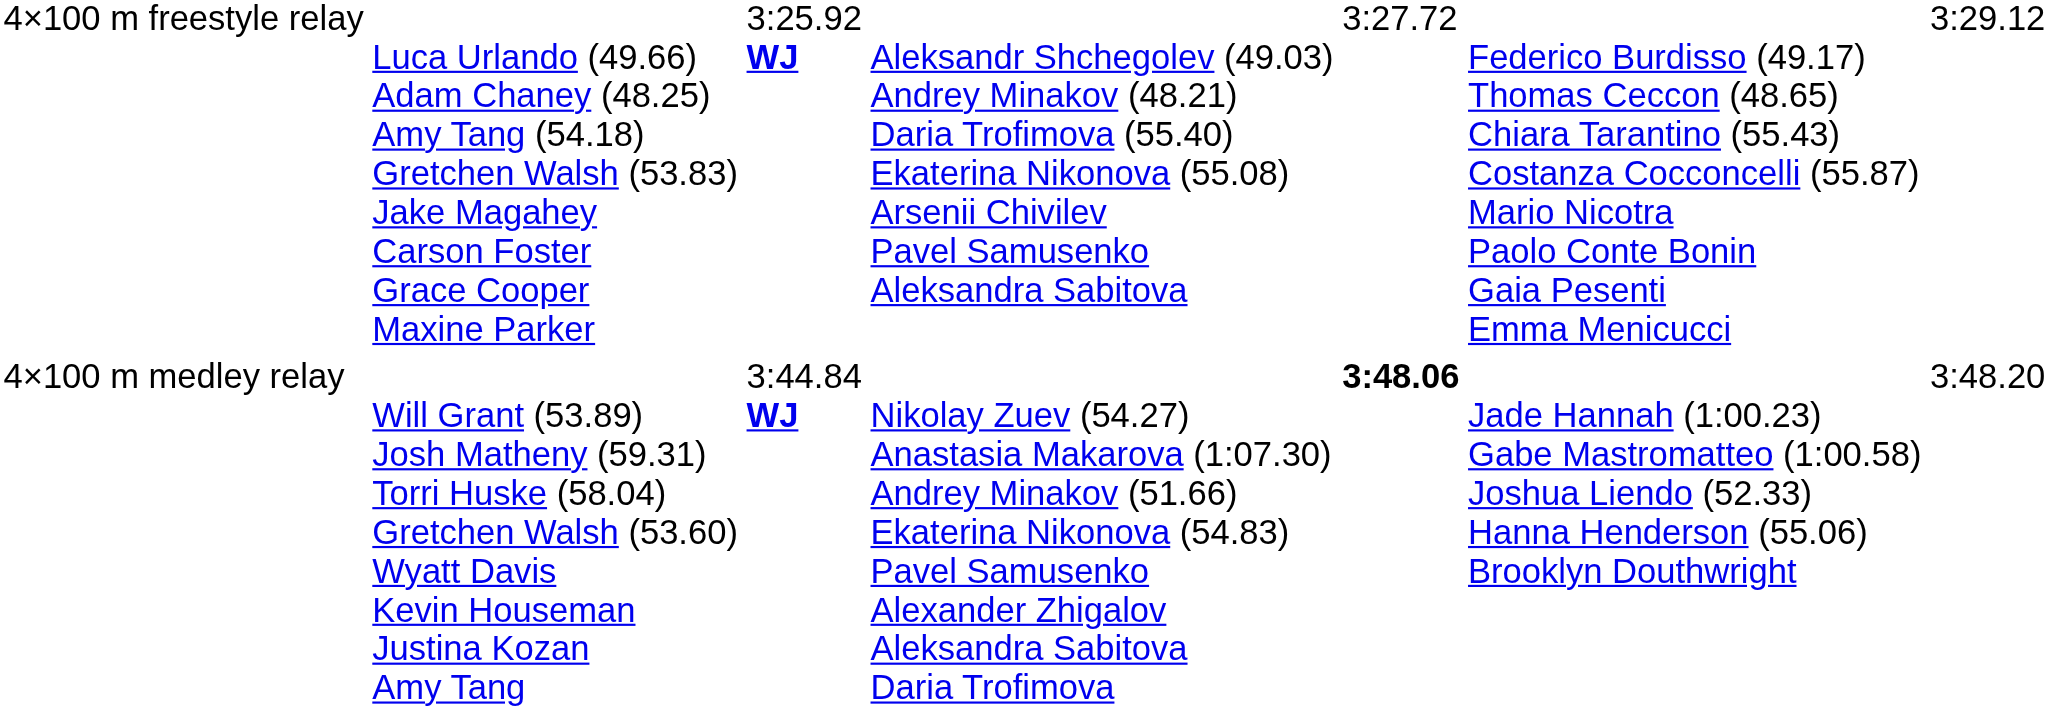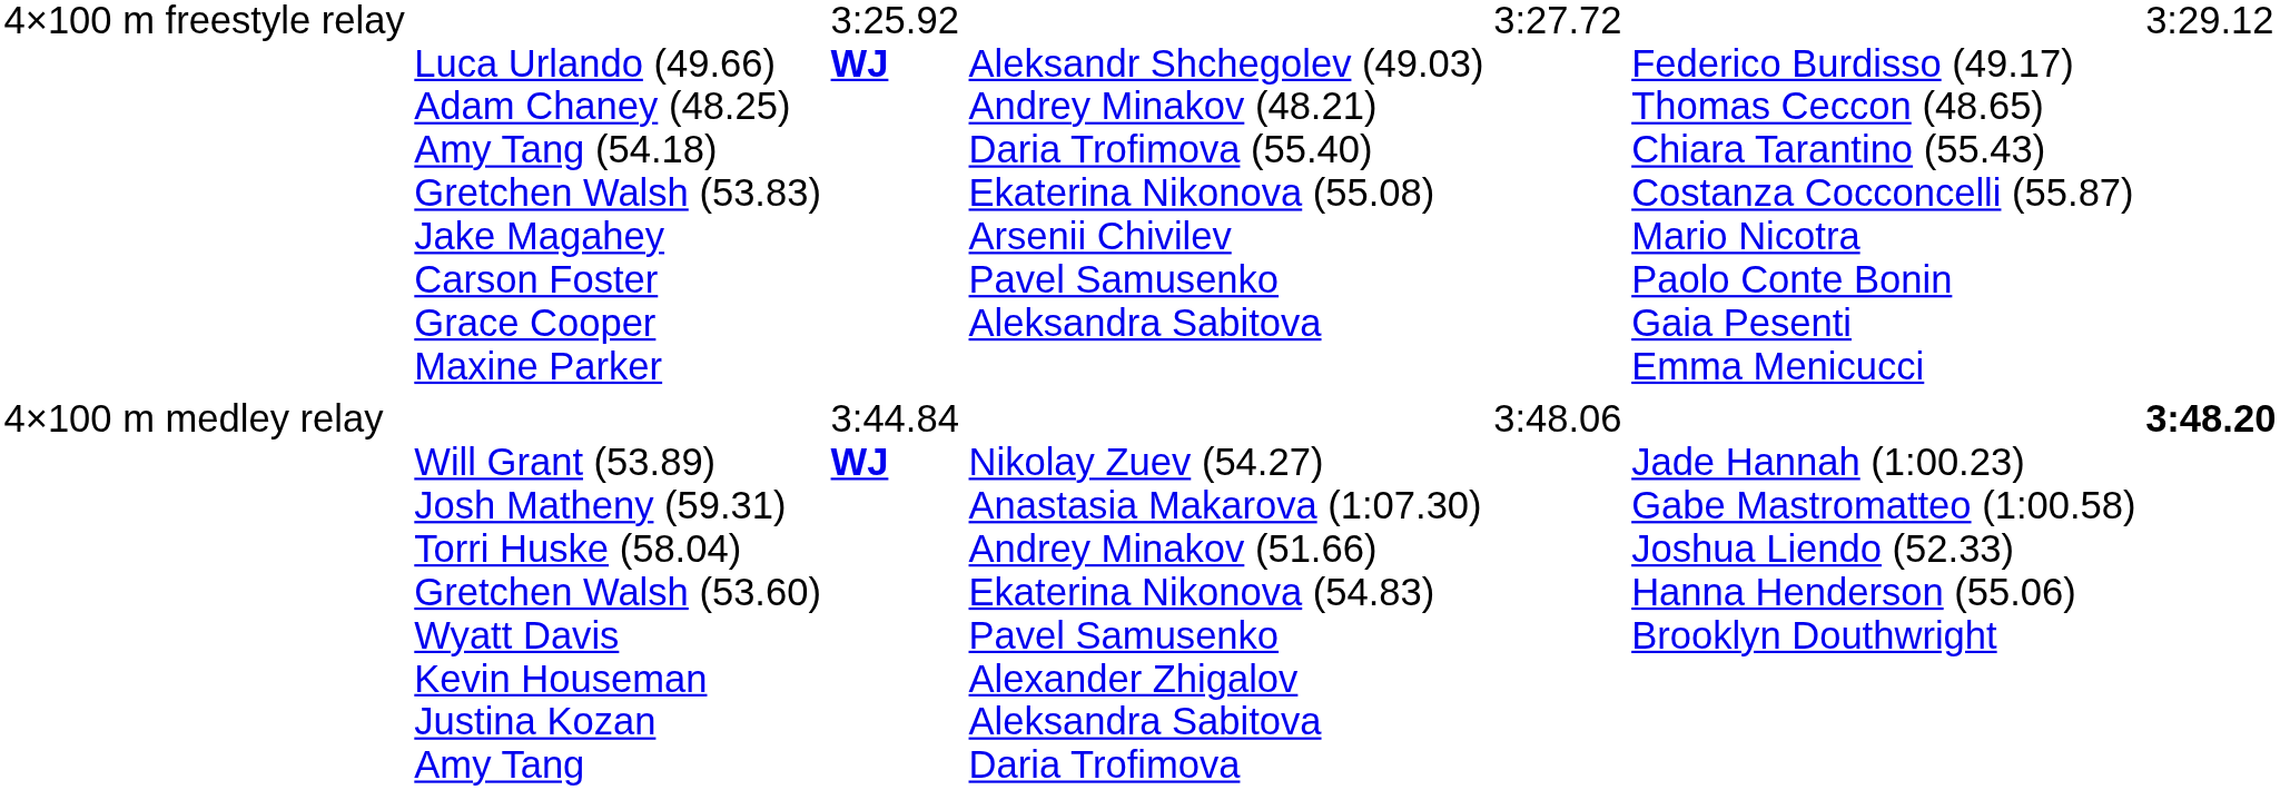 <table>
 <tr valign="top">
 <td>4×100 m freestyle relay</td>
 <td><br><a href='#'>Luca Urlando</a> (49.66)<br><a href='#'>Adam Chaney</a> (48.25)<br><a href='#'>Amy Tang</a> (54.18)<br><a href='#'>Gretchen Walsh</a> (53.83)<br><a href='#'>Jake Magahey</a><br><a href='#'>Carson Foster</a><br><a href='#'>Grace Cooper</a><br><a href='#'>Maxine Parker</a></td>
 <td>3:25.92<br><strong><a href='#'>WJ</a></strong></td>
 <td><br><a href='#'>Aleksandr Shchegolev</a> (49.03)<br><a href='#'>Andrey Minakov</a> (48.21)<br><a href='#'>Daria Trofimova</a> (55.40)<br><a href='#'>Ekaterina Nikonova</a> (55.08)<br><a href='#'>Arsenii Chivilev</a><br><a href='#'>Pavel Samusenko</a><br><a href='#'>Aleksandra Sabitova</a></td>
 <td>3:27.72</td>
 <td><br><a href='#'>Federico Burdisso</a> (49.17)<br><a href='#'>Thomas Ceccon</a> (48.65)<br><a href='#'>Chiara Tarantino</a> (55.43)<br><a href='#'>Costanza Cocconcelli</a> (55.87)<br><a href='#'>Mario Nicotra</a><br><a href='#'>Paolo Conte Bonin</a><br><a href='#'>Gaia Pesenti</a><br><a href='#'>Emma Menicucci</a></td>
 <td>3:29.12</td>
 </tr>
 <tr valign="top">
 <td>4×100 m medley relay</td>
 <td><br><a href='#'>Will Grant</a> (53.89)<br><a href='#'>Josh Matheny</a> (59.31)<br><a href='#'>Torri Huske</a> (58.04)<br><a href='#'>Gretchen Walsh</a> (53.60)<br><a href='#'>Wyatt Davis</a><br><a href='#'>Kevin Houseman</a><br><a href='#'>Justina Kozan</a><br><a href='#'>Amy Tang</a></td>
 <td>3:44.84<br><strong><a href='#'>WJ</a></strong></td>
 <td><br><a href='#'>Nikolay Zuev</a> (54.27)<br><a href='#'>Anastasia Makarova</a> (1:07.30)<br><a href='#'>Andrey Minakov</a> (51.66)<br><a href='#'>Ekaterina Nikonova</a> (54.83)<br><a href='#'>Pavel Samusenko</a><br><a href='#'>Alexander Zhigalov</a><br><a href='#'>Aleksandra Sabitova</a><br><a href='#'>Daria Trofimova</a></td>
-<td><strong>3:48.06</strong></td>
+<td>3:48.06</td>
 <td><br><a href='#'>Jade Hannah</a> (1:00.23)<br><a href='#'>Gabe Mastromatteo</a> (1:00.58)<br><a href='#'>Joshua Liendo</a> (52.33)<br><a href='#'>Hanna Henderson</a> (55.06)<br><a href='#'>Brooklyn Douthwright</a></td>
-<td>3:48.20</td>
+<td><strong>3:48.20</strong></td>
 </tr>
 </table>
